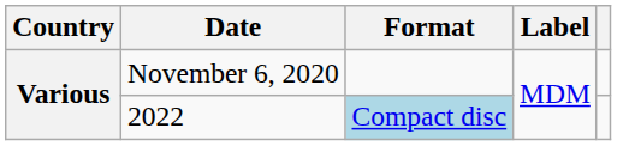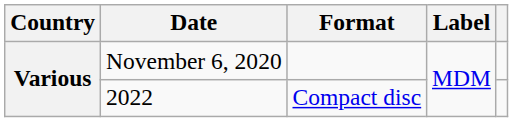 <table class="wikitable plainrowheaders">
 <tr>
 <th>Country</th>
 <th>Date</th>
 <th>Format</th>
 <th>Label</th>
 <th></th>
 </tr>
 <tr>
 <th scope="row" rowspan="2">Various</th>
 <td>November 6, 2020</td>
 <td></td>
 <td rowspan="2"><a href='#'>MDM</a></td>
 <td></td>
 </tr>
 <tr>
 <td>2022</td>
-<td style="background: lightblue;"><a href='#'>Compact disc</a></td>
+<td><a href='#'>Compact disc</a></td>
 <td></td>
 </tr>
 </table>
